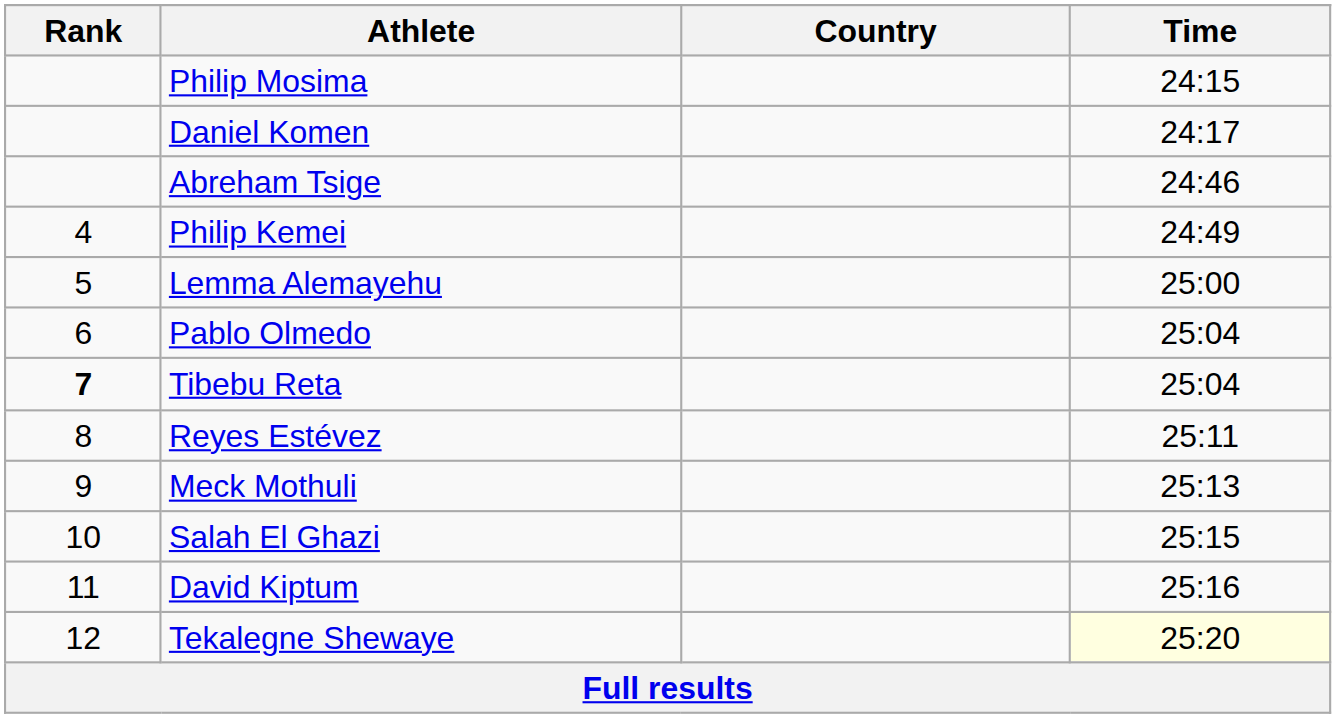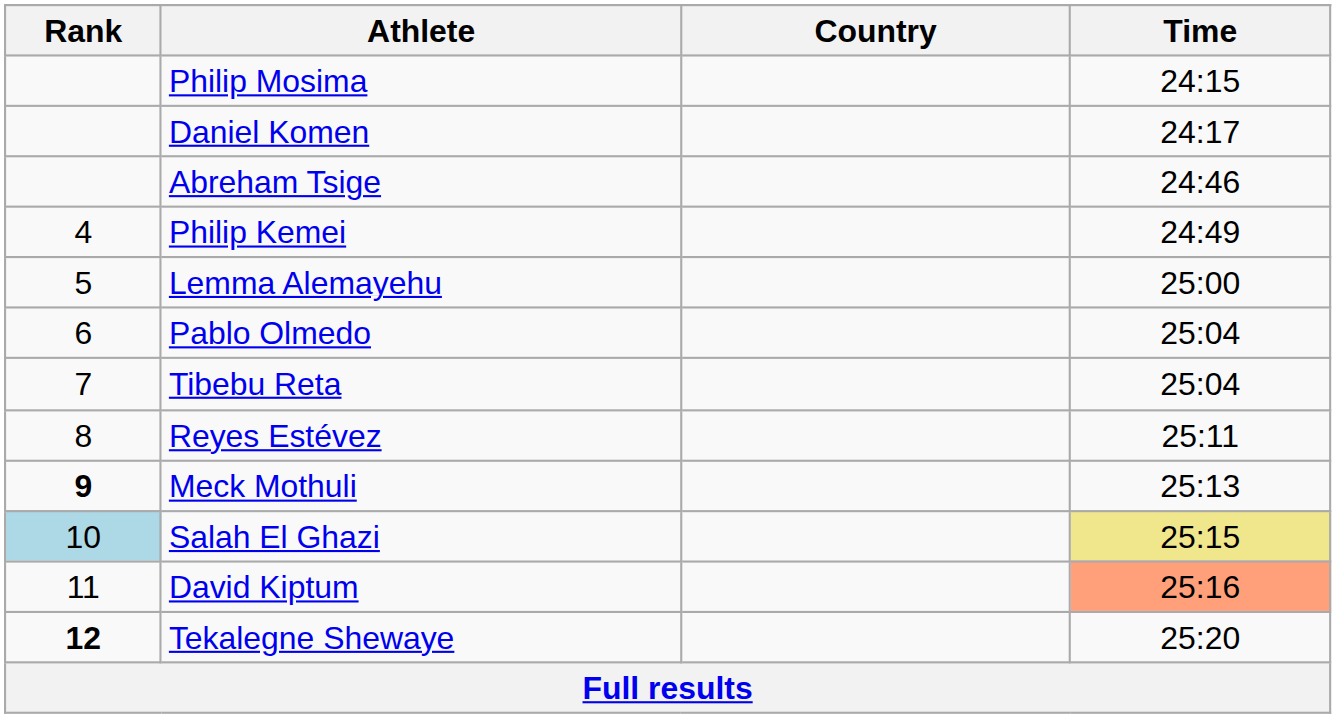 <table class="wikitable sortable" style=" text-align:center; font-size:95%;" width="50%">
 <tr>
 </tr>
 <tr>
 <th width=5%>Rank</th>
 <th width=20%>Athlete</th>
 <th width=15%>Country</th>
 <th width=10%>Time</th>
 </tr>
 <tr>
 <td align=center></td>
 <td align=left><a href='#'>Philip Mosima</a></td>
 <td align=left></td>
 <td>24:15</td>
 </tr>
 <tr>
 <td align=center></td>
 <td align=left><a href='#'>Daniel Komen</a></td>
 <td align=left></td>
 <td>24:17</td>
 </tr>
 <tr>
 <td align=center></td>
 <td align=left><a href='#'>Abreham Tsige</a></td>
 <td align=left></td>
 <td>24:46</td>
 </tr>
 <tr>
 <td align=center>4</td>
 <td align=left><a href='#'>Philip Kemei</a></td>
 <td align=left></td>
 <td>24:49</td>
 </tr>
 <tr>
 <td align=center>5</td>
 <td align=left><a href='#'>Lemma Alemayehu</a></td>
 <td align=left></td>
 <td>25:00</td>
 </tr>
 <tr>
 <td align=center>6</td>
 <td align=left><a href='#'>Pablo Olmedo</a></td>
 <td align=left></td>
 <td>25:04</td>
 </tr>
 <tr>
-<td align=center><strong>7</strong></td>
+<td align=center>7</td>
 <td align=left><a href='#'>Tibebu Reta</a></td>
 <td align=left></td>
 <td>25:04</td>
 </tr>
 <tr>
 <td align=center>8</td>
 <td align=left><a href='#'>Reyes Estévez</a></td>
 <td align=left></td>
 <td>25:11</td>
 </tr>
 <tr>
-<td align=center>9</td>
+<td align=center><strong>9</strong></td>
 <td align=left><a href='#'>Meck Mothuli</a></td>
 <td align=left></td>
 <td>25:13</td>
 </tr>
 <tr>
-<td align=center>10</td>
+<td align=center style="background: lightblue;">10</td>
 <td align=left><a href='#'>Salah El Ghazi</a></td>
 <td align=left></td>
-<td>25:15</td>
+<td style="background: khaki;">25:15</td>
 </tr>
 <tr>
 <td align=center>11</td>
 <td align=left><a href='#'>David Kiptum</a></td>
 <td align=left></td>
-<td>25:16</td>
+<td style="background: lightsalmon;">25:16</td>
 </tr>
 <tr>
-<td align=center>12</td>
+<td align=center><strong>12</strong></td>
 <td align=left><a href='#'>Tekalegne Shewaye</a></td>
 <td align=left></td>
-<td style="background: lightyellow;">25:20</td>
+<td>25:20</td>
 </tr>
 <tr class="sortbottom">
 <th colspan=4 align=center><a href='#'>Full results</a></th>
 </tr>
 </table>
